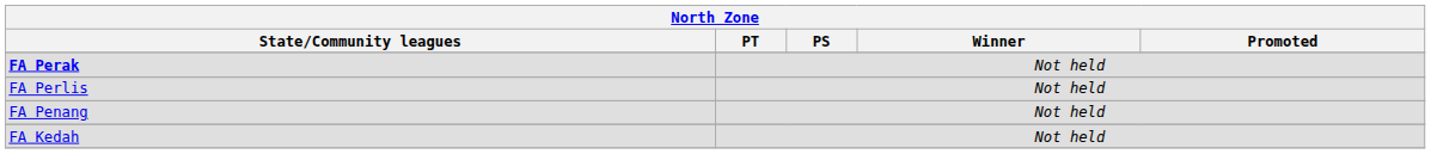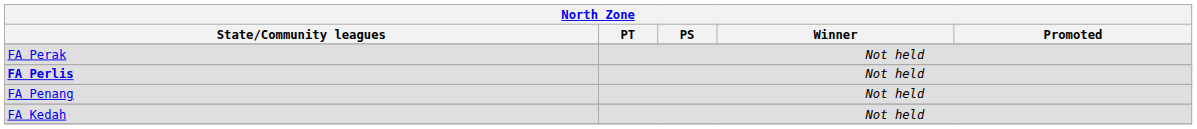 <table class="wikitable sortable" style="width:100%;">
 <tr>
 <th colspan="5"><strong><a href='#'>North Zone</a></strong></th>
 </tr>
 <tr>
 <th style="width:50%;">State/Community leagues</th>
 <th style="width:5%;">PT</th>
 <th style="width:5%;">PS</th>
 <th style="width:20%;">Winner</th>
 <th style="width:25%;">Promoted</th>
 </tr>
 <tr>
 </tr>
 <tr bgcolor="#DFDFDF">
-<td><strong> <a href='#'>FA Perak</a></strong></td>
+<td> <a href='#'>FA Perak</a></td>
 <td colspan="4" align="center"><em>Not held</em></td>
 </tr>
 <tr>
 </tr>
 <tr bgcolor="#DFDFDF">
-<td> <a href='#'>FA Perlis</a></td>
+<td><strong> <a href='#'>FA Perlis</a></strong></td>
 <td colspan="4" align="center"><em>Not held</em></td>
 </tr>
 <tr>
 </tr>
 <tr bgcolor="#DFDFDF">
 <td> <a href='#'>FA Penang</a></td>
 <td colspan="4" align="center"><em>Not held</em></td>
 </tr>
 <tr>
 </tr>
 <tr bgcolor="#DFDFDF">
 <td> <a href='#'>FA Kedah</a></td>
 <td colspan="4" align="center"><em>Not held</em></td>
 </tr>
 <tr>
 </tr>
 </table>
